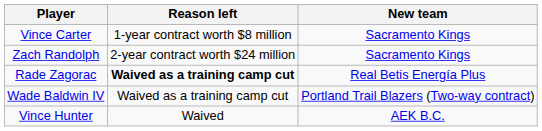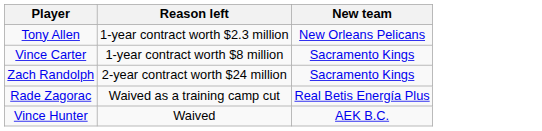 <table class="wikitable sortable sortable" style="text-align: center">
 <tr>
 <th>Player</th>
 <th>Reason left</th>
 <th>New team</th>
+</tr>
+<tr style="text-align: center">
+<td><a href='#'>Tony Allen</a></td>
+<td>1-year contract worth $2.3 million</td>
+<td><a href='#'>New Orleans Pelicans</a></td>
 </tr>
 <tr style="text-align: center">
 <td><a href='#'>Vince Carter</a></td>
 <td>1-year contract worth $8 million</td>
 <td><a href='#'>Sacramento Kings</a></td>
 </tr>
 <tr style="text-align: center">
 <td><a href='#'>Zach Randolph</a></td>
 <td>2-year contract worth $24 million</td>
 <td><a href='#'>Sacramento Kings</a></td>
 </tr>
 <tr style="text-align: center">
 <td><a href='#'>Rade Zagorac</a></td>
-<td><strong>Waived as a training camp cut</strong></td>
+<td>Waived as a training camp cut</td>
 <td> <a href='#'>Real Betis Energía Plus</a></td>
-</tr>
-<tr style="text-align: center">
-<td><a href='#'>Wade Baldwin IV</a></td>
-<td>Waived as a training camp cut</td>
-<td><a href='#'>Portland Trail Blazers</a> (<a href='#'>Two-way contract</a>)</td>
 </tr>
 <tr style="text-align: center">
 <td><a href='#'>Vince Hunter</a></td>
 <td>Waived</td>
 <td> <a href='#'>AEK B.C.</a></td>
 </tr>
 </table>
